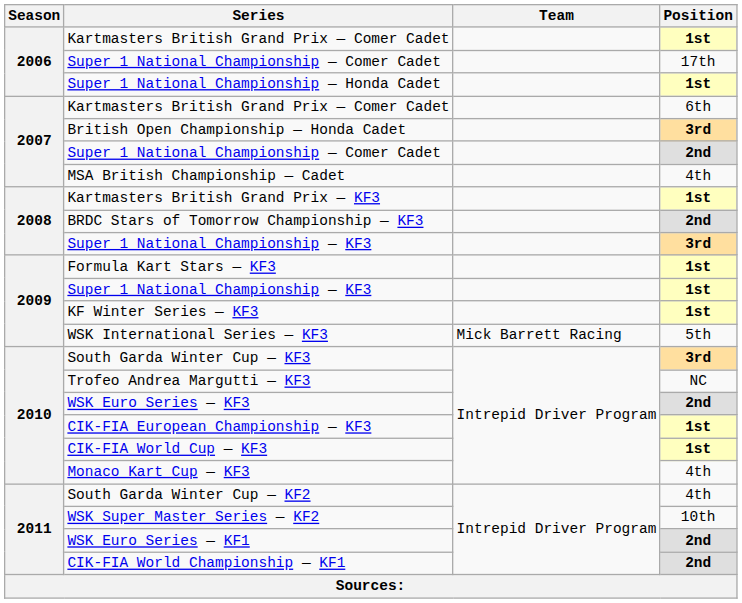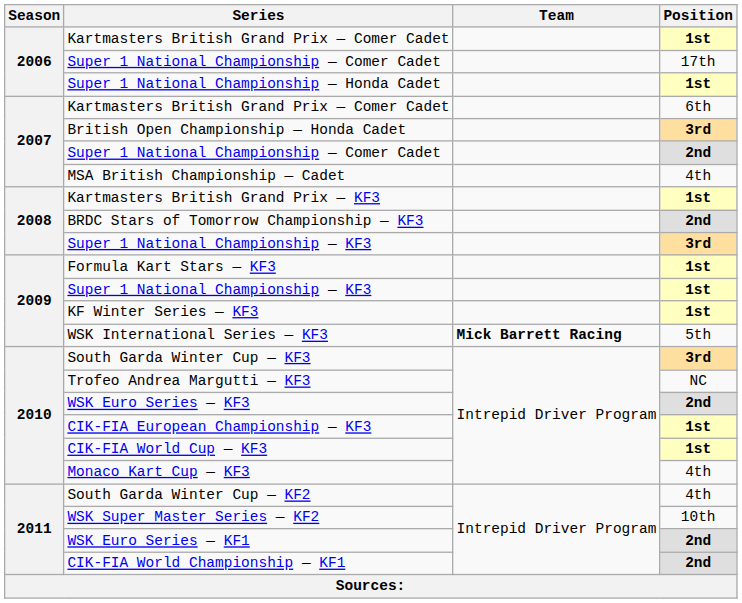 <table class="wikitable" style="font-size: 85%; text-align:center">
 <tr>
 <th>Season</th>
 <th>Series</th>
 <th>Team</th>
 <th>Position</th>
 </tr>
 <tr>
 <th rowspan="3">2006</th>
 <td align="left">Kartmasters British Grand Prix — Comer Cadet</td>
 <td align="left"></td>
 <td style="background:#FFFFBF;"><strong>1st</strong></td>
 </tr>
 <tr>
 <td align="left"><a href='#'>Super 1 National Championship</a> — Comer Cadet</td>
 <td align="left"></td>
 <td>17th</td>
 </tr>
 <tr>
 <td align="left"><a href='#'>Super 1 National Championship</a> — Honda Cadet</td>
 <td align="left"></td>
 <td style="background:#FFFFBF;"><strong>1st</strong></td>
 </tr>
 <tr>
 <th rowspan="4">2007</th>
 <td align="left">Kartmasters British Grand Prix — Comer Cadet</td>
 <td align="left"></td>
 <td>6th</td>
 </tr>
 <tr>
 <td align="left">British Open Championship — Honda Cadet</td>
 <td align="left"></td>
 <td style="background:#FFDF9F;"><strong>3rd</strong></td>
 </tr>
 <tr>
 <td align="left"><a href='#'>Super 1 National Championship</a> — Comer Cadet</td>
 <td align="left"></td>
 <td style="background:#DFDFDF;"><strong>2nd</strong></td>
 </tr>
 <tr>
 <td align="left">MSA British Championship — Cadet</td>
 <td align="left"></td>
 <td>4th</td>
 </tr>
 <tr>
 <th rowspan="3">2008</th>
 <td align="left">Kartmasters British Grand Prix — <a href='#'>KF3</a></td>
 <td align="left"></td>
 <td style="background:#FFFFBF;"><strong>1st</strong></td>
 </tr>
 <tr>
 <td align="left">BRDC Stars of Tomorrow Championship — <a href='#'>KF3</a></td>
 <td align="left"></td>
 <td style="background:#DFDFDF;"><strong>2nd</strong></td>
 </tr>
 <tr>
 <td align="left"><a href='#'>Super 1 National Championship</a> — <a href='#'>KF3</a></td>
 <td align="left"></td>
 <td style="background:#FFDF9F;"><strong>3rd</strong></td>
 </tr>
 <tr>
 <th rowspan="4">2009</th>
 <td align="left">Formula Kart Stars — <a href='#'>KF3</a></td>
 <td align="left"></td>
 <td style="background:#FFFFBF;"><strong>1st</strong></td>
 </tr>
 <tr>
 <td align="left"><a href='#'>Super 1 National Championship</a> — <a href='#'>KF3</a></td>
 <td align="left"></td>
 <td style="background:#FFFFBF;"><strong>1st</strong></td>
 </tr>
 <tr>
 <td align="left">KF Winter Series — <a href='#'>KF3</a></td>
 <td></td>
 <td style="background:#FFFFBF;"><strong>1st</strong></td>
 </tr>
 <tr>
 <td align="left">WSK International Series — <a href='#'>KF3</a></td>
-<td align="left">Mick Barrett Racing</td>
+<td align="left"><strong>Mick Barrett Racing</strong></td>
 <td>5th</td>
 </tr>
 <tr>
 <th rowspan="6">2010</th>
 <td align="left">South Garda Winter Cup — <a href='#'>KF3</a></td>
 <td rowspan="6">Intrepid Driver Program</td>
 <td style="background:#FFDF9F;"><strong>3rd</strong></td>
 </tr>
 <tr>
 <td align="left">Trofeo Andrea Margutti — <a href='#'>KF3</a></td>
 <td>NC</td>
 </tr>
 <tr>
 <td align="left"><a href='#'>WSK Euro Series</a> — <a href='#'>KF3</a></td>
 <td style="background:#DFDFDF;"><strong>2nd</strong></td>
 </tr>
 <tr>
 <td align="left"><a href='#'>CIK-FIA European Championship</a> — <a href='#'>KF3</a></td>
 <td style="background:#FFFFBF;"><strong>1st</strong></td>
 </tr>
 <tr>
 <td align="left"><a href='#'>CIK-FIA World Cup</a> — <a href='#'>KF3</a></td>
 <td style="background:#FFFFBF;"><strong>1st</strong></td>
 </tr>
 <tr>
 <td align="left"><a href='#'>Monaco Kart Cup</a> — <a href='#'>KF3</a></td>
 <td>4th</td>
 </tr>
 <tr>
 <th rowspan="4">2011</th>
 <td align="left">South Garda Winter Cup — <a href='#'>KF2</a></td>
 <td rowspan="4" align="left">Intrepid Driver Program</td>
 <td>4th</td>
 </tr>
 <tr>
 <td align="left"><a href='#'>WSK Super Master Series</a> — <a href='#'>KF2</a></td>
 <td>10th</td>
 </tr>
 <tr>
 <td align="left"><a href='#'>WSK Euro Series</a> — <a href='#'>KF1</a></td>
 <td style="background:#DFDFDF;"><strong>2nd</strong></td>
 </tr>
 <tr>
 <td align="left"><a href='#'>CIK-FIA World Championship</a> — <a href='#'>KF1</a></td>
 <td style="background:#DFDFDF;"><strong>2nd</strong></td>
 </tr>
 <tr>
 <th colspan="4">Sources:</th>
 </tr>
 </table>
